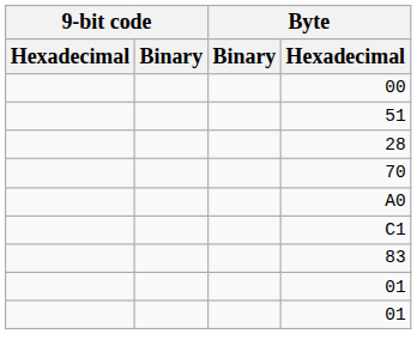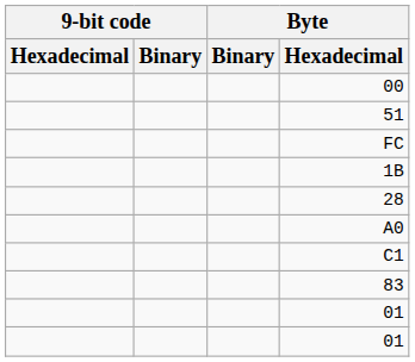 <table class="wikitable" style="text-align:right;">
 <tr>
 <th colspan=2>9-bit code</th>
 <th colspan=2>Byte</th>
 </tr>
 <tr>
 <th>Hexadecimal</th>
 <th>Binary</th>
 <th>Binary</th>
 <th>Hexadecimal</th>
 </tr>
 <tr style="font-family:monospace;">
 <td></td>
 <td></td>
 <td></td>
 <td>00</td>
 </tr>
 <tr style="font-family:monospace;">
 <td></td>
 <td></td>
 <td> </td>
 <td>51</td>
 </tr>
 <tr style="font-family:monospace;">
 <td></td>
 <td></td>
 <td> </td>
-<td>28</td>
+<td>FC</td>
 </tr>
 <tr style="font-family:monospace;">
 <td></td>
 <td></td>
 <td> </td>
-<td>70</td>
+<td>1B</td>
+</tr>
+<tr style="font-family:monospace;">
+<td></td>
+<td></td>
+<td> </td>
+<td>28</td>
 </tr>
 <tr style="font-family:monospace;">
 <td></td>
 <td></td>
 <td> </td>
 <td>A0</td>
 </tr>
 <tr style="font-family:monospace;">
 <td></td>
 <td></td>
 <td> </td>
 <td>C1</td>
 </tr>
 <tr style="font-family:monospace;">
 <td></td>
 <td></td>
 <td></td>
 <td>83</td>
 </tr>
 <tr style="font-family:monospace;">
 <td></td>
 <td></td>
 <td></td>
 <td>01</td>
 </tr>
 <tr style="font-family:monospace;">
 <td></td>
 <td></td>
 <td> </td>
 <td>01</td>
 </tr>
 </table>
